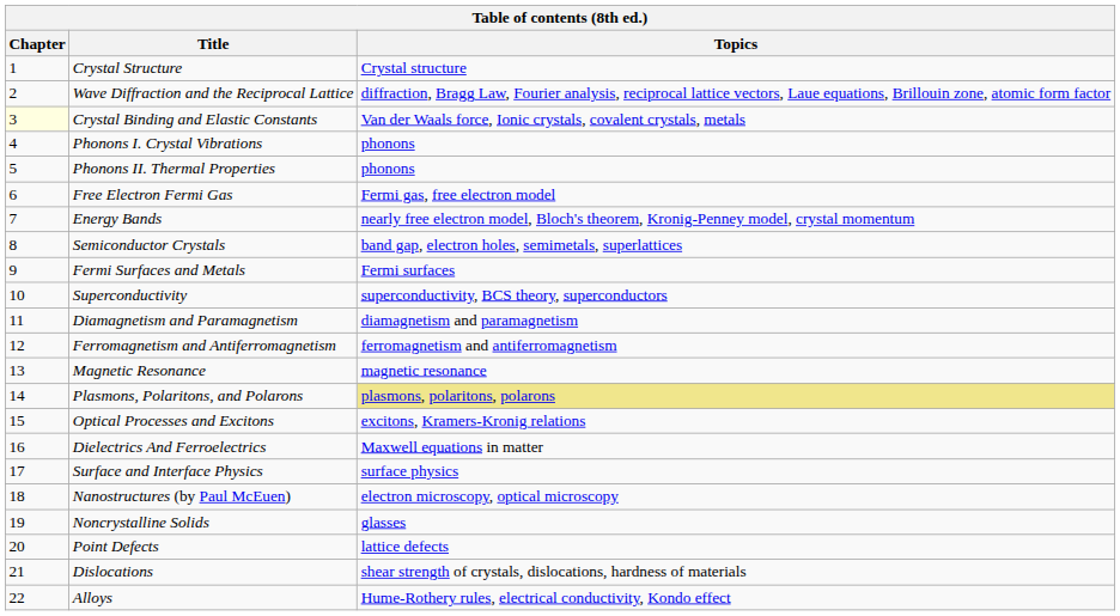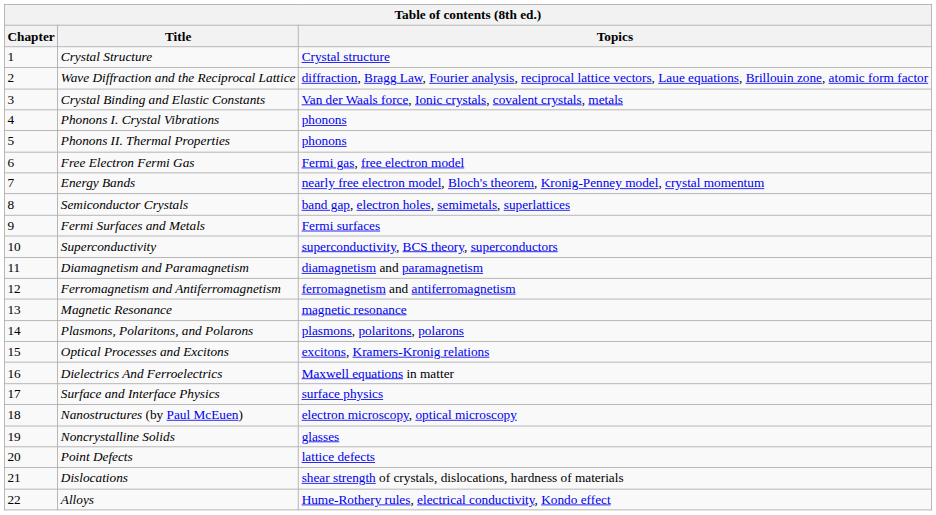 <table class="wikitable"  style="width:auto; text-align:left;">
 <tr>
 <th colspan=3>Table of contents (8th ed.)</th>
 </tr>
 <tr>
 <th><strong>Chapter</strong></th>
 <th><strong>Title</strong></th>
 <th><strong>Topics</strong></th>
 </tr>
 <tr>
 <td>1</td>
 <td><em>Crystal Structure</em></td>
 <td><a href='#'>Crystal structure</a></td>
 </tr>
 <tr>
 <td>2</td>
 <td><em>Wave Diffraction and the Reciprocal Lattice</em></td>
 <td><a href='#'>diffraction</a>, <a href='#'>Bragg Law</a>, <a href='#'>Fourier analysis</a>, <a href='#'>reciprocal lattice vectors</a>, <a href='#'>Laue equations</a>, <a href='#'>Brillouin zone</a>, <a href='#'>atomic form factor</a></td>
 </tr>
 <tr>
-<td style="background: lightyellow;">3</td>
+<td>3</td>
 <td><em>Crystal Binding and Elastic Constants</em></td>
 <td><a href='#'>Van der Waals force</a>, <a href='#'>Ionic crystals</a>, <a href='#'>covalent crystals</a>, <a href='#'>metals</a></td>
 </tr>
 <tr>
 <td>4</td>
 <td><em>Phonons I. Crystal Vibrations</em></td>
 <td><a href='#'>phonons</a></td>
 </tr>
 <tr>
 <td>5</td>
 <td><em>Phonons II. Thermal Properties</em></td>
 <td><a href='#'>phonons</a></td>
 </tr>
 <tr>
 <td>6</td>
 <td><em>Free Electron Fermi Gas</em></td>
 <td><a href='#'>Fermi gas</a>, <a href='#'>free electron model</a></td>
 </tr>
 <tr>
 <td>7</td>
 <td><em>Energy Bands</em></td>
 <td><a href='#'>nearly free electron model</a>, <a href='#'>Bloch's theorem</a>, <a href='#'>Kronig-Penney model</a>, <a href='#'>crystal momentum</a></td>
 </tr>
 <tr>
 <td>8</td>
 <td><em>Semiconductor Crystals</em></td>
 <td><a href='#'>band gap</a>, <a href='#'>electron holes</a>, <a href='#'>semimetals</a>, <a href='#'>superlattices</a></td>
 </tr>
 <tr>
 <td>9</td>
 <td><em>Fermi Surfaces and Metals</em></td>
 <td><a href='#'>Fermi surfaces</a></td>
 </tr>
 <tr>
 <td>10</td>
 <td><em>Superconductivity</em></td>
 <td><a href='#'>superconductivity</a>, <a href='#'>BCS theory</a>, <a href='#'>superconductors</a></td>
 </tr>
 <tr>
 <td>11</td>
 <td><em>Diamagnetism and Paramagnetism</em></td>
 <td><a href='#'>diamagnetism</a> and <a href='#'>paramagnetism</a></td>
 </tr>
 <tr>
 <td>12</td>
 <td><em>Ferromagnetism and Antiferromagnetism</em></td>
 <td><a href='#'>ferromagnetism</a> and <a href='#'>antiferromagnetism</a></td>
 </tr>
 <tr>
 <td>13</td>
 <td><em>Magnetic Resonance</em></td>
 <td><a href='#'>magnetic resonance</a></td>
 </tr>
 <tr>
 <td>14</td>
 <td><em>Plasmons, Polaritons, and Polarons</em></td>
-<td style="background: khaki;"><a href='#'>plasmons</a>, <a href='#'>polaritons</a>, <a href='#'>polarons</a></td>
+<td><a href='#'>plasmons</a>, <a href='#'>polaritons</a>, <a href='#'>polarons</a></td>
 </tr>
 <tr>
 <td>15</td>
 <td><em>Optical Processes and Excitons</em></td>
 <td><a href='#'>excitons</a>, <a href='#'>Kramers-Kronig relations</a></td>
 </tr>
 <tr>
 <td>16</td>
 <td><em>Dielectrics And Ferroelectrics</em></td>
 <td><a href='#'>Maxwell equations</a> in matter</td>
 </tr>
 <tr>
 <td>17</td>
 <td><em>Surface and Interface Physics</em></td>
 <td><a href='#'>surface physics</a></td>
 </tr>
 <tr>
 <td>18</td>
 <td><em>Nanostructures</em> (by <a href='#'>Paul McEuen</a>)</td>
 <td><a href='#'>electron microscopy</a>, <a href='#'>optical microscopy</a></td>
 </tr>
 <tr>
 <td>19</td>
 <td><em>Noncrystalline Solids</em></td>
 <td><a href='#'>glasses</a></td>
 </tr>
 <tr>
 <td>20</td>
 <td><em>Point Defects</em></td>
 <td><a href='#'>lattice defects</a></td>
 </tr>
 <tr>
 <td>21</td>
 <td><em>Dislocations</em></td>
 <td><a href='#'>shear strength</a> of crystals, dislocations, hardness of materials</td>
 </tr>
 <tr>
 <td>22</td>
 <td><em>Alloys</em></td>
 <td><a href='#'>Hume-Rothery rules</a>, <a href='#'>electrical conductivity</a>, <a href='#'>Kondo effect</a></td>
 </tr>
 </table>
